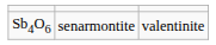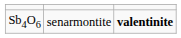 <table class="wikitable" style="margin:1em auto; text-align:center;">
 <tr>
 <td></td>
 <td></td>
 <td></td>
 </tr>
 <tr>
 <td>Sb<sub>4</sub>O<sub>6</sub></td>
 <td>senarmontite</td>
-<td>valentinite</td>
+<td><strong>valentinite</strong></td>
 </tr>
 </table>
